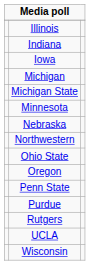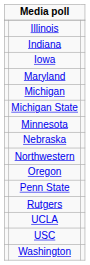 <table class="wikitable" style="display: inline-table; text-align: center">
 <tr>
 <td colspan="3"><strong>Media poll</strong></td>
 </tr>
 <tr>
 </tr>
 <tr>
 <td></td>
 <td><a href='#'><span>Illinois</span></a></td>
 <td></td>
 </tr>
 <tr>
 <td></td>
 <td><a href='#'><span>Indiana</span></a></td>
 <td></td>
 </tr>
 <tr>
 <td></td>
 <td><a href='#'><span>Iowa</span></a></td>
+<td></td>
+</tr>
+<tr>
+<td></td>
+<td><a href='#'><span>Maryland</span></a></td>
 <td></td>
 </tr>
 <tr>
 <td></td>
 <td><a href='#'><span>Michigan</span></a></td>
 <td></td>
 </tr>
 <tr>
 <td></td>
 <td><a href='#'><span>Michigan State</span></a></td>
 <td></td>
 </tr>
 <tr>
 <td></td>
 <td><a href='#'><span>Minnesota</span></a></td>
 <td></td>
 </tr>
 <tr>
 <td></td>
 <td><a href='#'><span>Nebraska</span></a></td>
 <td></td>
 </tr>
 <tr>
 <td></td>
 <td><a href='#'><span>Northwestern</span></a></td>
 <td></td>
 </tr>
 <tr>
 <td></td>
-<td><a href='#'><span>Ohio State</span></a></td>
-<td></td>
-</tr>
-<tr>
-<td></td>
 <td><a href='#'><span>Oregon</span></a></td>
 <td></td>
 </tr>
 <tr>
 <td></td>
 <td><a href='#'><span>Penn State</span></a></td>
-<td></td>
-</tr>
-<tr>
-<td></td>
-<td><a href='#'><span>Purdue</span></a></td>
 <td></td>
 </tr>
 <tr>
 <td></td>
 <td><a href='#'><span>Rutgers</span></a></td>
 <td></td>
 </tr>
 <tr>
 <td></td>
 <td><a href='#'><span>UCLA</span></a></td>
 <td></td>
 </tr>
 <tr>
 <td></td>
-<td><a href='#'><span>Wisconsin</span></a></td>
+<td><a href='#'><span>USC</span></a></td>
+<td></td>
+</tr>
+<tr>
+<td></td>
+<td><a href='#'><span>Washington</span></a></td>
 <td></td>
 </tr>
 </table>
